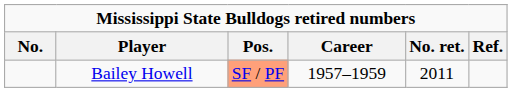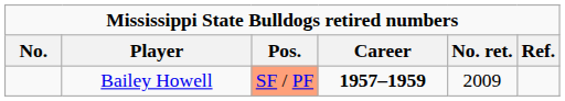 <table class="wikitable sortable" style="text-align:center">
 <tr>
 <td colspan=6><strong>Mississippi State Bulldogs retired numbers</strong></td>
 </tr>
 <tr>
 <th width=40px>No.</th>
 <th width=150px>Player</th>
 <th width=px>Pos.</th>
 <th width=100px>Career</th>
 <th width=px>No. ret.</th>
 <th width=px>Ref.</th>
 </tr>
 <tr>
 <td></td>
 <td><a href='#'>Bailey Howell</a></td>
 <td style="background: lightsalmon;"><a href='#'>SF</a> / <a href='#'>PF</a></td>
-<td>1957–1959</td>
-<td>2011</td>
+<td><strong>1957–1959</strong></td>
+<td>2009</td>
 <td></td>
 </tr>
 </table>
